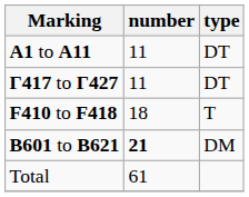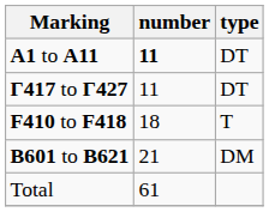 <table class="wikitable">
 <tr>
 <th>Marking</th>
 <th>number</th>
 <th>type</th>
 </tr>
 <tr>
 <td><strong>A1</strong> to <strong>A11</strong></td>
-<td>11</td>
+<td><strong>11</strong></td>
 <td>DT</td>
 </tr>
 <tr>
 <td><strong>Γ417</strong> to <strong>Γ427</strong></td>
 <td>11</td>
 <td>DT</td>
 </tr>
 <tr>
 <td><strong>F410</strong> to <strong>F418</strong></td>
 <td>18</td>
 <td>T</td>
 </tr>
 <tr>
 <td><strong>B601</strong> to <strong>B621</strong></td>
-<td><strong>21</strong></td>
+<td>21</td>
 <td>DM</td>
 </tr>
 <tr>
 <td>Total</td>
 <td>61</td>
 <td></td>
 </tr>
 <tr>
 </tr>
 </table>
